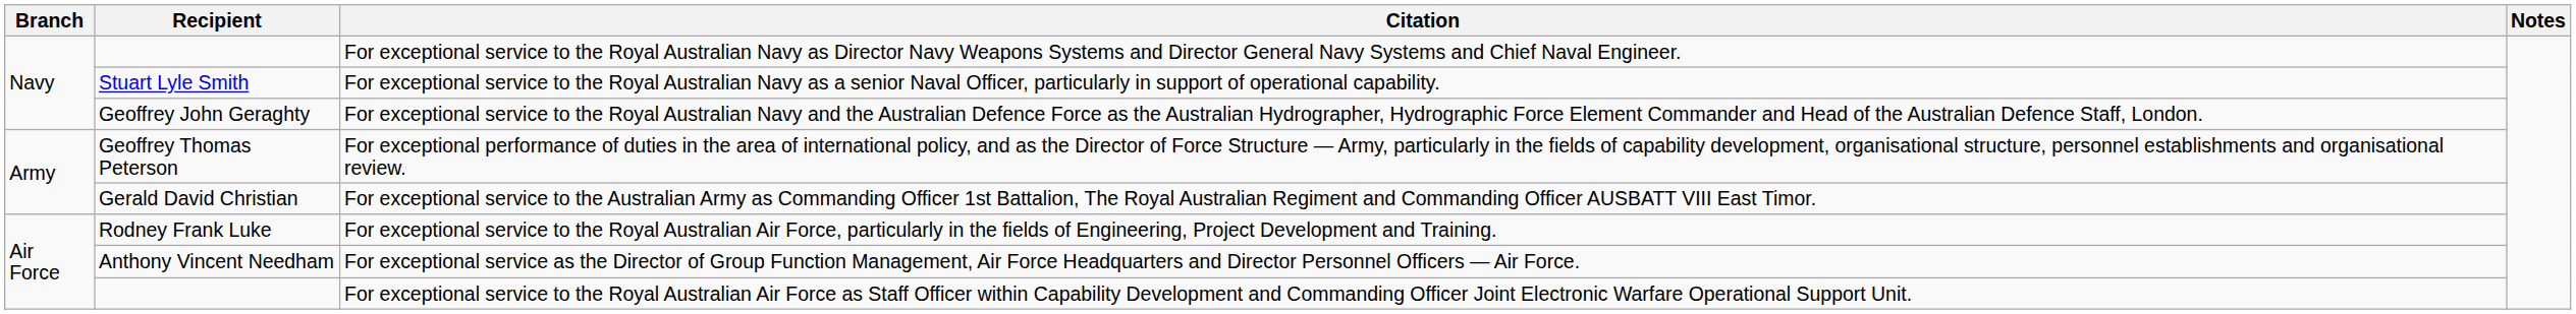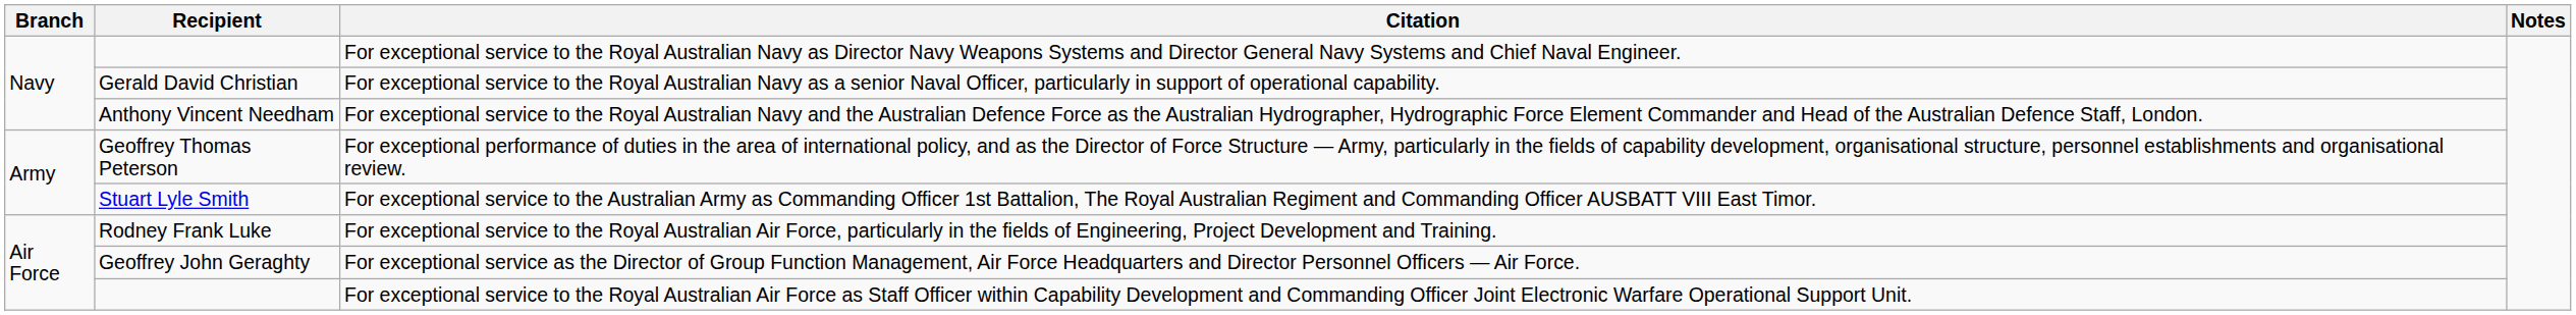 <table class="wikitable" style="font-size:95%;">
 <tr>
 <th>Branch</th>
 <th>Recipient</th>
 <th>Citation</th>
 <th>Notes</th>
 </tr>
 <tr>
 <td rowspan=3>Navy</td>
 <td></td>
 <td>For exceptional service to the Royal Australian Navy as Director Navy Weapons Systems and Director General Navy Systems and Chief Naval Engineer.</td>
 <td rowspan=20></td>
 </tr>
 <tr>
-<td> <a href='#'>Stuart Lyle Smith</a></td>
+<td> Gerald David Christian</td>
 <td>For exceptional service to the Royal Australian Navy as a senior Naval Officer, particularly in support of operational capability.</td>
 </tr>
 <tr>
-<td> Geoffrey John Geraghty</td>
+<td> Anthony Vincent Needham</td>
 <td>For exceptional service to the Royal Australian Navy and the Australian Defence Force as the Australian Hydrographer, Hydrographic Force Element Commander and Head of the Australian Defence Staff, London.</td>
 </tr>
 <tr>
 <td rowspan=2>Army</td>
 <td> Geoffrey Thomas Peterson</td>
 <td>For exceptional performance of duties in the area of international policy, and as the Director of Force Structure — Army, particularly in the fields of capability development, organisational structure, personnel establishments and organisational review.</td>
 </tr>
 <tr>
-<td> Gerald David Christian</td>
+<td> <a href='#'>Stuart Lyle Smith</a></td>
 <td>For exceptional service to the Australian Army as Commanding Officer 1st Battalion, The Royal Australian Regiment and Commanding Officer AUSBATT VIII East Timor.</td>
 </tr>
 <tr>
 <td rowspan=3>Air Force</td>
 <td> Rodney Frank Luke</td>
 <td>For exceptional service to the Royal Australian Air Force, particularly in the fields of Engineering, Project Development and Training.</td>
 </tr>
 <tr>
-<td> Anthony Vincent Needham</td>
+<td> Geoffrey John Geraghty</td>
 <td>For exceptional service as the Director of Group Function Management, Air Force Headquarters and Director Personnel Officers — Air Force.</td>
 </tr>
 <tr>
 <td></td>
 <td>For exceptional service to the Royal Australian Air Force as Staff Officer within Capability Development and Commanding Officer Joint Electronic Warfare Operational Support Unit.</td>
 </tr>
 </table>
